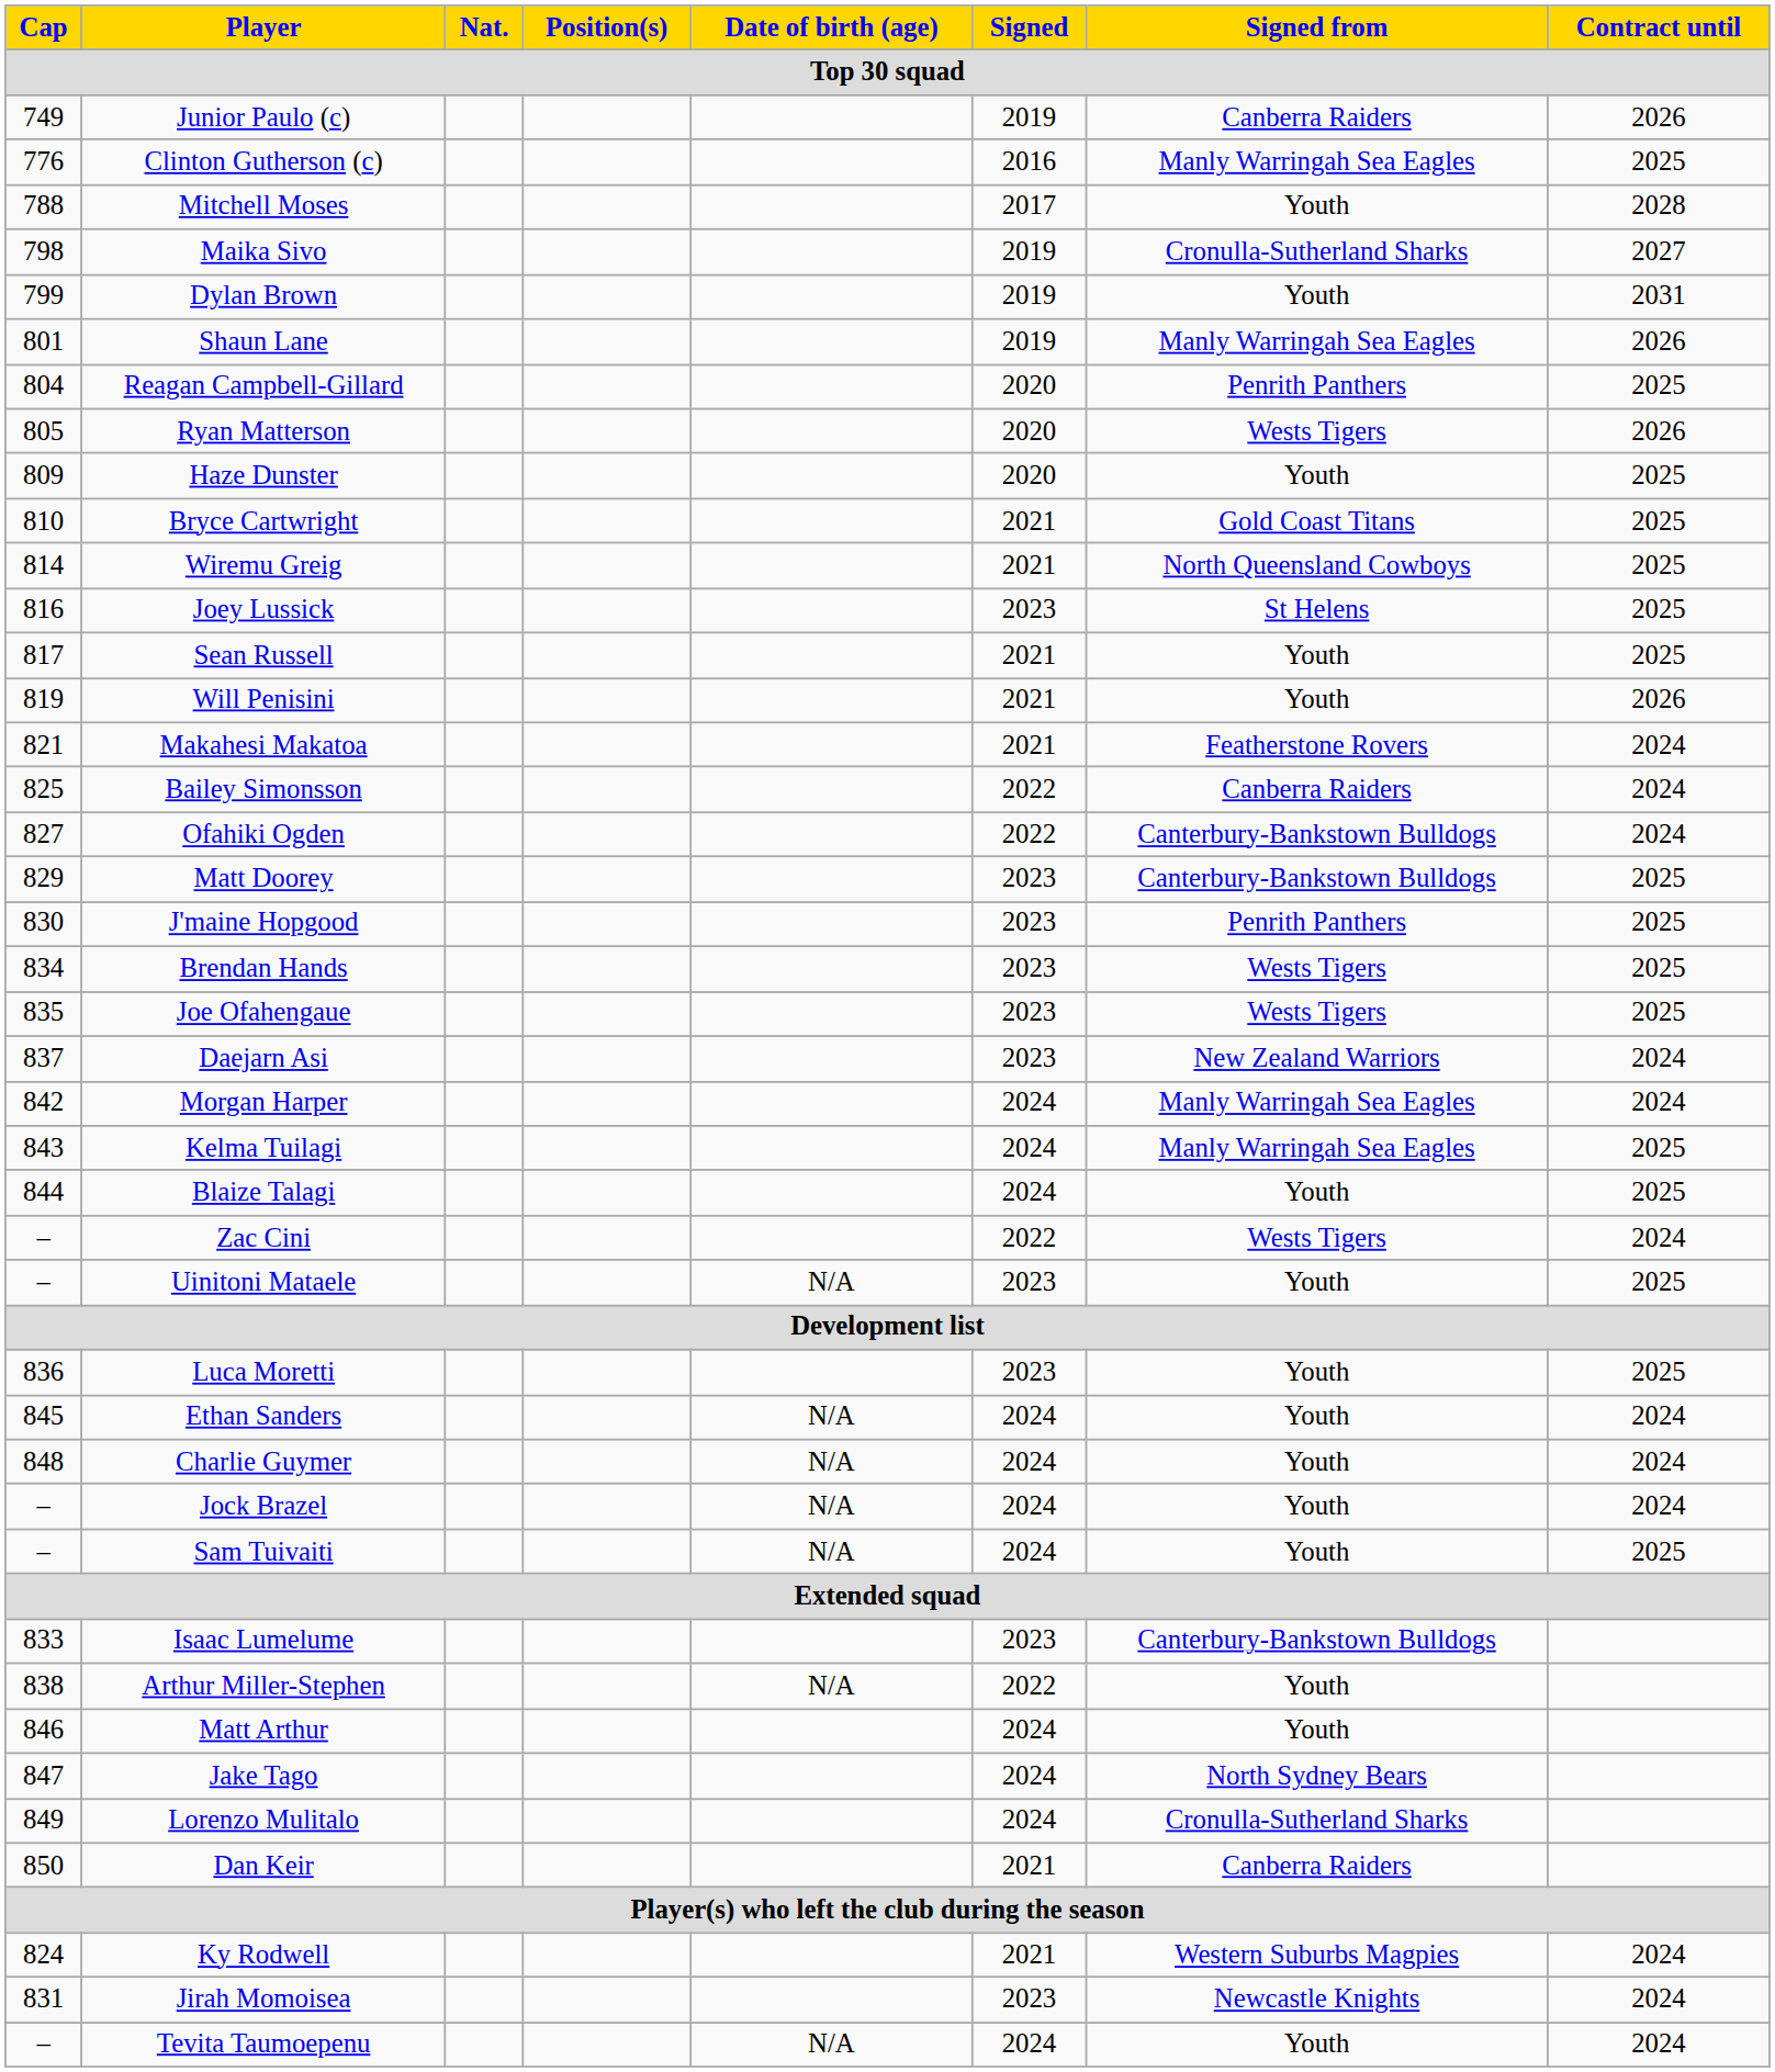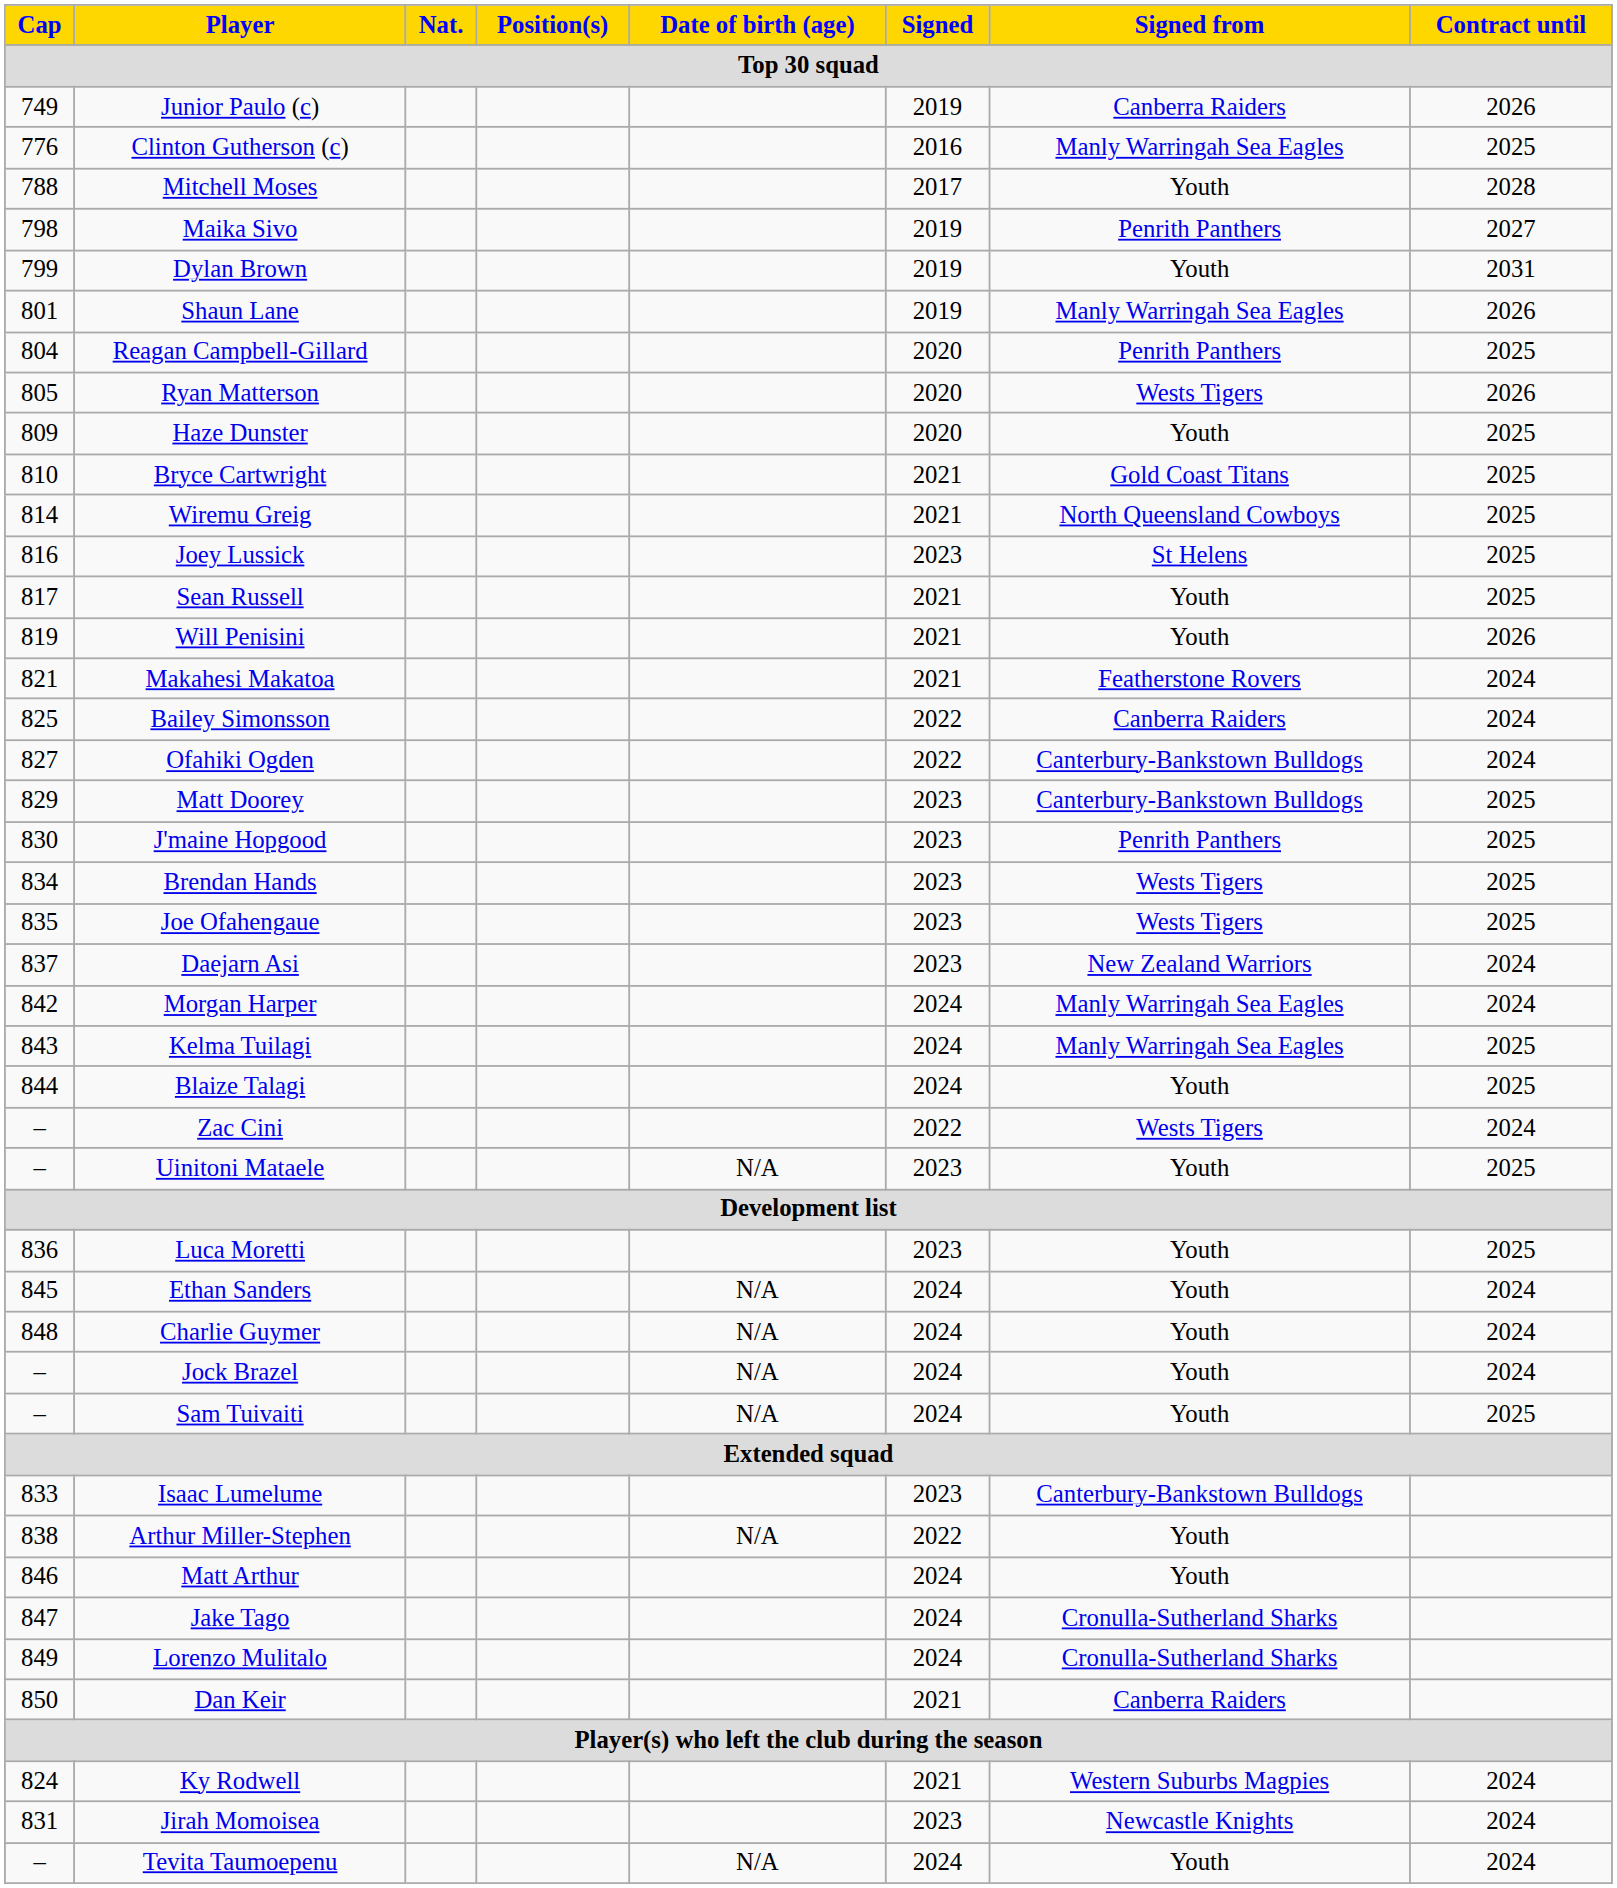 <table class="wikitable" style="text-align:center;font-size:85%;width:100%">
 <tr>
 <th style="background:gold; color:blue;text-align:center;width:10x";>Cap</th>
 <th style="background:gold; color:blue;text-align:center;width:160x";>Player</th>
 <th style="background:gold; color:blue;text-align:center;width:20x";>Nat.</th>
 <th style="background:gold; color:blue;text-align:center;width:80x";>Position(s)</th>
 <th style="background:gold; color:blue;text-align:center;width:180x";>Date of birth (age)</th>
 <th style="background:gold; color:blue;text-align:center;width:30x";>Signed</th>
 <th style="background:gold; color:blue;text-align:center;width:180x";>Signed from</th>
 <th style="background:gold; color:blue;text-align:center;width:30x";>Contract until</th>
 </tr>
 <tr>
 <th colspan="13" style="background:#dcdcdc; tepxt-align:center;">Top 30 squad</th>
 </tr>
 <tr>
 <td>749</td>
 <td><a href='#'>Junior Paulo</a> (<a href='#'>c</a>)</td>
 <td></td>
 <td></td>
 <td></td>
 <td>2019</td>
 <td> <a href='#'>Canberra Raiders</a></td>
 <td>2026</td>
 </tr>
 <tr>
 <td>776</td>
 <td><a href='#'>Clinton Gutherson</a> (<a href='#'>c</a>)</td>
 <td></td>
 <td></td>
 <td></td>
 <td>2016</td>
 <td> <a href='#'>Manly Warringah Sea Eagles</a></td>
 <td>2025</td>
 </tr>
 <tr>
 <td>788</td>
 <td><a href='#'>Mitchell Moses</a></td>
 <td></td>
 <td></td>
 <td></td>
 <td>2017</td>
 <td>Youth</td>
 <td>2028</td>
 </tr>
 <tr>
 <td>798</td>
 <td><a href='#'>Maika Sivo</a></td>
 <td></td>
 <td></td>
 <td></td>
 <td>2019</td>
-<td> <a href='#'>Cronulla-Sutherland Sharks</a></td>
+<td> <a href='#'>Penrith Panthers</a></td>
 <td>2027</td>
 </tr>
 <tr>
 <td>799</td>
 <td><a href='#'>Dylan Brown</a></td>
 <td></td>
 <td></td>
 <td></td>
 <td>2019</td>
 <td>Youth</td>
 <td>2031</td>
 </tr>
 <tr>
 <td>801</td>
 <td><a href='#'>Shaun Lane</a></td>
 <td></td>
 <td></td>
 <td></td>
 <td>2019</td>
 <td> <a href='#'>Manly Warringah Sea Eagles</a></td>
 <td>2026</td>
 </tr>
 <tr>
 <td>804</td>
 <td><a href='#'>Reagan Campbell-Gillard</a></td>
 <td></td>
 <td></td>
 <td></td>
 <td>2020</td>
 <td> <a href='#'>Penrith Panthers</a></td>
 <td>2025</td>
 </tr>
 <tr>
 <td>805</td>
 <td><a href='#'>Ryan Matterson</a></td>
 <td></td>
 <td></td>
 <td></td>
 <td>2020</td>
 <td> <a href='#'>Wests Tigers</a></td>
 <td>2026</td>
 </tr>
 <tr>
 <td>809</td>
 <td><a href='#'>Haze Dunster</a></td>
 <td></td>
 <td></td>
 <td></td>
 <td>2020</td>
 <td>Youth</td>
 <td>2025</td>
 </tr>
 <tr>
 <td>810</td>
 <td><a href='#'>Bryce Cartwright</a></td>
 <td></td>
 <td></td>
 <td></td>
 <td>2021</td>
 <td> <a href='#'>Gold Coast Titans</a></td>
 <td>2025</td>
 </tr>
 <tr>
 <td>814</td>
 <td><a href='#'>Wiremu Greig</a></td>
 <td></td>
 <td></td>
 <td></td>
 <td>2021</td>
 <td> <a href='#'>North Queensland Cowboys</a></td>
 <td>2025</td>
 </tr>
 <tr>
 <td>816</td>
 <td><a href='#'>Joey Lussick</a></td>
 <td></td>
 <td></td>
 <td></td>
 <td>2023</td>
 <td> <a href='#'>St Helens</a></td>
 <td>2025</td>
 </tr>
 <tr>
 <td>817</td>
 <td><a href='#'>Sean Russell</a></td>
 <td></td>
 <td></td>
 <td></td>
 <td>2021</td>
 <td>Youth</td>
 <td>2025</td>
 </tr>
 <tr>
 <td>819</td>
 <td><a href='#'>Will Penisini</a></td>
 <td></td>
 <td></td>
 <td></td>
 <td>2021</td>
 <td>Youth</td>
 <td>2026</td>
 </tr>
 <tr>
 <td>821</td>
 <td><a href='#'>Makahesi Makatoa</a></td>
 <td></td>
 <td></td>
 <td></td>
 <td>2021</td>
 <td> <a href='#'>Featherstone Rovers</a></td>
 <td>2024</td>
 </tr>
 <tr>
 <td>825</td>
 <td><a href='#'>Bailey Simonsson</a></td>
 <td></td>
 <td></td>
 <td></td>
 <td>2022</td>
 <td> <a href='#'>Canberra Raiders</a></td>
 <td>2024</td>
 </tr>
 <tr>
 <td>827</td>
 <td><a href='#'>Ofahiki Ogden</a></td>
 <td></td>
 <td></td>
 <td></td>
 <td>2022</td>
 <td> <a href='#'>Canterbury-Bankstown Bulldogs</a></td>
 <td>2024</td>
 </tr>
 <tr>
 <td>829</td>
 <td><a href='#'>Matt Doorey</a></td>
 <td></td>
 <td></td>
 <td></td>
 <td>2023</td>
 <td> <a href='#'>Canterbury-Bankstown Bulldogs</a></td>
 <td>2025</td>
 </tr>
 <tr>
 <td>830</td>
 <td><a href='#'>J'maine Hopgood</a></td>
 <td></td>
 <td></td>
 <td></td>
 <td>2023</td>
 <td> <a href='#'>Penrith Panthers</a></td>
 <td>2025</td>
 </tr>
 <tr>
 <td>834</td>
 <td><a href='#'>Brendan Hands</a></td>
 <td></td>
 <td></td>
 <td></td>
 <td>2023</td>
 <td> <a href='#'>Wests Tigers</a></td>
 <td>2025</td>
 </tr>
 <tr>
 <td>835</td>
 <td><a href='#'>Joe Ofahengaue</a></td>
 <td></td>
 <td></td>
 <td></td>
 <td>2023</td>
 <td> <a href='#'>Wests Tigers</a></td>
 <td>2025</td>
 </tr>
 <tr>
 <td>837</td>
 <td><a href='#'>Daejarn Asi</a></td>
 <td></td>
 <td></td>
 <td></td>
 <td>2023</td>
 <td> <a href='#'>New Zealand Warriors</a></td>
 <td>2024</td>
 </tr>
 <tr>
 <td>842</td>
 <td><a href='#'>Morgan Harper</a></td>
 <td></td>
 <td></td>
 <td></td>
 <td>2024</td>
 <td> <a href='#'>Manly Warringah Sea Eagles</a></td>
 <td>2024</td>
 </tr>
 <tr>
 <td>843</td>
 <td><a href='#'>Kelma Tuilagi</a></td>
 <td></td>
 <td></td>
 <td></td>
 <td>2024</td>
 <td> <a href='#'>Manly Warringah Sea Eagles</a></td>
 <td>2025</td>
 </tr>
 <tr>
 <td>844</td>
 <td><a href='#'>Blaize Talagi</a></td>
 <td></td>
 <td></td>
 <td></td>
 <td>2024</td>
 <td>Youth</td>
 <td>2025</td>
 </tr>
 <tr>
 <td>–</td>
 <td><a href='#'>Zac Cini</a></td>
 <td></td>
 <td></td>
 <td></td>
 <td>2022</td>
 <td> <a href='#'>Wests Tigers</a></td>
 <td>2024</td>
 </tr>
 <tr>
 <td>–</td>
 <td><a href='#'>Uinitoni Mataele</a></td>
 <td></td>
 <td></td>
 <td>N/A</td>
 <td>2023</td>
 <td>Youth</td>
 <td>2025</td>
 </tr>
 <tr>
 <th colspan="13" style="background:#dcdcdc; tepxt-align:center;">Development list</th>
 </tr>
 <tr>
 <td>836</td>
 <td><a href='#'>Luca Moretti</a></td>
 <td></td>
 <td></td>
 <td></td>
 <td>2023</td>
 <td>Youth</td>
 <td>2025</td>
 </tr>
 <tr>
 <td>845</td>
 <td><a href='#'>Ethan Sanders</a></td>
 <td></td>
 <td></td>
 <td>N/A</td>
 <td>2024</td>
 <td>Youth</td>
 <td>2024</td>
 </tr>
 <tr>
 <td>848</td>
 <td><a href='#'>Charlie Guymer</a></td>
 <td></td>
 <td></td>
 <td>N/A</td>
 <td>2024</td>
 <td>Youth</td>
 <td>2024</td>
 </tr>
 <tr>
 <td>–</td>
 <td><a href='#'>Jock Brazel</a></td>
 <td></td>
 <td></td>
 <td>N/A</td>
 <td>2024</td>
 <td>Youth</td>
 <td>2024</td>
 </tr>
 <tr>
 <td>–</td>
 <td><a href='#'>Sam Tuivaiti</a></td>
 <td></td>
 <td></td>
 <td>N/A</td>
 <td>2024</td>
 <td>Youth</td>
 <td>2025</td>
 </tr>
 <tr>
 <th colspan="13" style="background:#dcdcdc; tepxt-align:center;">Extended squad</th>
 </tr>
 <tr>
 <td>833</td>
 <td><a href='#'>Isaac Lumelume</a></td>
 <td></td>
 <td></td>
 <td></td>
 <td>2023</td>
 <td> <a href='#'>Canterbury-Bankstown Bulldogs</a></td>
 <td></td>
 </tr>
 <tr>
 <td>838</td>
 <td><a href='#'>Arthur Miller-Stephen</a></td>
 <td></td>
 <td></td>
 <td> N/A</td>
 <td>2022</td>
 <td>Youth</td>
 <td></td>
 </tr>
 <tr>
 <td>846</td>
 <td><a href='#'>Matt Arthur</a></td>
 <td></td>
 <td></td>
 <td></td>
 <td>2024</td>
 <td>Youth</td>
 <td></td>
 </tr>
 <tr>
 <td>847</td>
 <td><a href='#'>Jake Tago</a></td>
 <td></td>
 <td></td>
 <td></td>
 <td>2024</td>
-<td> <a href='#'>North Sydney Bears</a></td>
+<td> <a href='#'>Cronulla-Sutherland Sharks</a></td>
 <td></td>
 </tr>
 <tr>
 <td>849</td>
 <td><a href='#'>Lorenzo Mulitalo</a></td>
 <td></td>
 <td></td>
 <td></td>
 <td>2024</td>
 <td> <a href='#'>Cronulla-Sutherland Sharks</a></td>
 <td></td>
 </tr>
 <tr>
 <td>850</td>
 <td><a href='#'>Dan Keir</a></td>
 <td></td>
 <td></td>
 <td></td>
 <td>2021</td>
 <td> <a href='#'>Canberra Raiders</a></td>
 <td></td>
 </tr>
 <tr>
 <th colspan="13" style="background:#dcdcdc; tepxt-align:center;">Player(s) who left the club during the season</th>
 </tr>
 <tr>
 <td>824</td>
 <td><a href='#'>Ky Rodwell</a></td>
 <td></td>
 <td></td>
 <td></td>
 <td>2021</td>
 <td> <a href='#'>Western Suburbs Magpies</a></td>
 <td>2024</td>
 </tr>
 <tr>
 <td>831</td>
 <td><a href='#'>Jirah Momoisea</a></td>
 <td></td>
 <td></td>
 <td></td>
 <td>2023</td>
 <td> <a href='#'>Newcastle Knights</a></td>
 <td>2024</td>
 </tr>
 <tr>
 <td>–</td>
 <td><a href='#'>Tevita Taumoepenu</a></td>
 <td></td>
 <td></td>
 <td>N/A</td>
 <td>2024</td>
 <td>Youth</td>
 <td>2024</td>
 </tr>
 </table>
